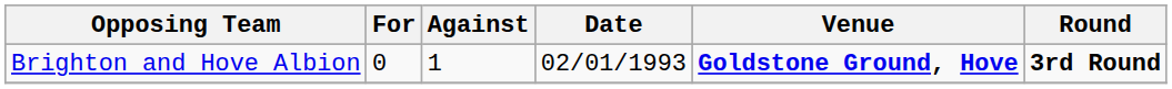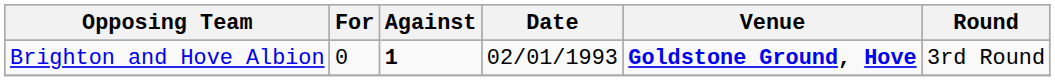 <table class="wikitable">
 <tr>
 <th>Opposing Team</th>
 <th>For</th>
 <th>Against</th>
 <th>Date</th>
 <th>Venue</th>
 <th>Round</th>
 </tr>
 <tr>
 <td><a href='#'>Brighton and Hove Albion</a></td>
 <td>0</td>
-<td>1</td>
+<td><strong>1</strong></td>
 <td>02/01/1993</td>
 <td><strong><a href='#'>Goldstone Ground</a>, <a href='#'>Hove</a></strong></td>
-<td><strong>3rd Round</strong></td>
+<td>3rd Round</td>
 </tr>
 <tr>
 </tr>
 </table>
